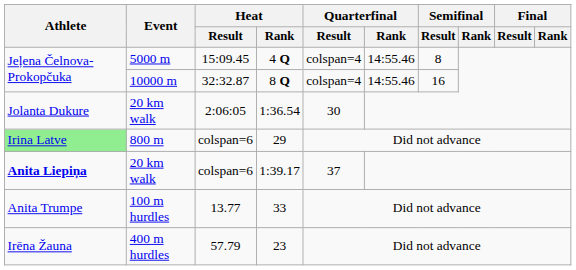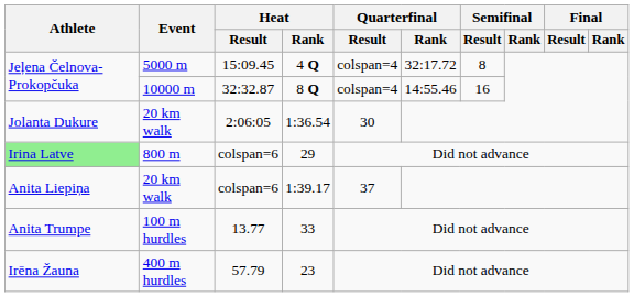 <table class="wikitable" style="font-size:90%">
 <tr>
 <th rowspan="2">Athlete</th>
 <th rowspan="2">Event</th>
 <th colspan="2">Heat</th>
 <th colspan="2">Quarterfinal</th>
 <th colspan="2">Semifinal</th>
 <th colspan="2">Final</th>
 </tr>
 <tr style="font-size:95%">
 <th>Result</th>
 <th>Rank</th>
 <th>Result</th>
 <th>Rank</th>
 <th>Result</th>
 <th>Rank</th>
 <th>Result</th>
 <th>Rank</th>
 </tr>
 <tr align=center>
 <td align=left rowspan=2><a href='#'>Jeļena Čelnova-Prokopčuka</a></td>
 <td align=left><a href='#'>5000 m</a></td>
 <td>15:09.45</td>
 <td>4 <strong>Q</strong></td>
 <td>colspan=4 </td>
-<td>14:55.46</td>
+<td>32:17.72</td>
 <td>8</td>
 </tr>
 <tr align=center>
 <td align=left><a href='#'>10000 m</a></td>
 <td>32:32.87</td>
 <td>8 <strong>Q</strong></td>
 <td>colspan=4 </td>
 <td>14:55.46</td>
 <td>16</td>
 </tr>
 <tr align=center>
 <td align=left><a href='#'>Jolanta Dukure</a></td>
 <td align=left><a href='#'>20 km walk</a></td>
 <td>2:06:05</td>
 <td>1:36.54</td>
 <td>30</td>
 </tr>
 <tr align=center>
 <td align=left style="background: lightgreen;"><a href='#'>Irina Latve</a></td>
 <td align=left><a href='#'>800 m</a></td>
 <td>colspan=6 </td>
 <td>29</td>
 <td colspan=6>Did not advance</td>
 </tr>
 <tr align=center>
-<td align=left><strong><a href='#'>Anita Liepiņa</a></strong></td>
+<td align=left><a href='#'>Anita Liepiņa</a></td>
 <td align=left><a href='#'>20 km walk</a></td>
 <td>colspan=6 </td>
 <td>1:39.17</td>
 <td>37</td>
 </tr>
 <tr align=center>
 <td align=left><a href='#'>Anita Trumpe</a></td>
 <td align=left><a href='#'>100 m hurdles</a></td>
 <td>13.77</td>
 <td>33</td>
 <td colspan=6>Did not advance</td>
 </tr>
 <tr align=center>
 <td align=left><a href='#'>Irēna Žauna</a></td>
 <td align=left><a href='#'>400 m hurdles</a></td>
 <td>57.79</td>
 <td>23</td>
 <td colspan=6>Did not advance</td>
 </tr>
 </table>
